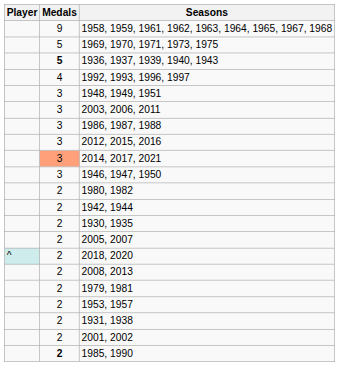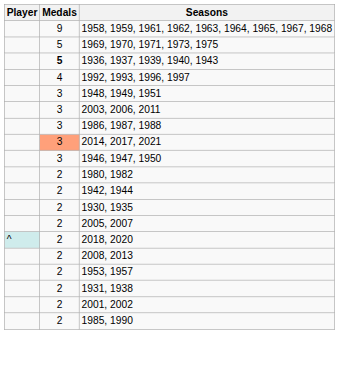 <table class="wikitable sortable">
 <tr>
 <th>Player</th>
 <th>Medals</th>
 <th>Seasons</th>
 </tr>
 <tr>
 <td></td>
 <td align="center">9</td>
 <td>1958, 1959, 1961, 1962, 1963, 1964, 1965, 1967, 1968</td>
 </tr>
 <tr>
 <td></td>
 <td align="center">5</td>
 <td>1969, 1970, 1971, 1973, 1975</td>
 </tr>
 <tr>
 <td></td>
 <td align="center"><strong>5</strong></td>
 <td>1936, 1937, 1939, 1940, 1943</td>
 </tr>
 <tr>
 <td></td>
 <td align="center">4</td>
 <td>1992, 1993, 1996, 1997</td>
 </tr>
 <tr>
 <td></td>
 <td align="center">3</td>
 <td>1948, 1949, 1951</td>
 </tr>
 <tr>
 <td></td>
 <td align="center">3</td>
 <td>2003, 2006, 2011</td>
 </tr>
 <tr>
 <td></td>
 <td align="center">3</td>
 <td>1986, 1987, 1988</td>
-</tr>
-<tr>
-<td></td>
-<td align="center">3</td>
-<td>2012, 2015, 2016</td>
 </tr>
 <tr>
 <td></td>
 <td align="center" style="background: lightsalmon;">3</td>
 <td>2014, 2017, 2021</td>
 </tr>
 <tr>
 <td></td>
 <td align="center">3</td>
 <td>1946, 1947, 1950</td>
 </tr>
 <tr>
 <td></td>
 <td align="center">2</td>
 <td>1980, 1982</td>
 </tr>
 <tr>
 <td></td>
 <td align="center">2</td>
 <td>1942, 1944</td>
 </tr>
 <tr>
 <td></td>
 <td align="center">2</td>
 <td>1930, 1935</td>
 </tr>
 <tr>
 <td></td>
 <td align="center">2</td>
 <td>2005, 2007</td>
 </tr>
 <tr>
 <td bgcolor="#cfecec">^</td>
 <td align="center">2</td>
 <td>2018, 2020</td>
 </tr>
 <tr>
 <td></td>
 <td align="center">2</td>
 <td>2008, 2013</td>
 </tr>
 <tr>
 <td></td>
 <td align="center">2</td>
-<td>1979, 1981</td>
-</tr>
-<tr>
-<td></td>
-<td align="center">2</td>
 <td>1953, 1957</td>
 </tr>
 <tr>
 <td></td>
 <td align="center">2</td>
 <td>1931, 1938</td>
 </tr>
 <tr>
 <td></td>
 <td align="center">2</td>
 <td>2001, 2002</td>
 </tr>
 <tr>
 <td></td>
-<td align="center"><strong>2</strong></td>
+<td align="center">2</td>
 <td>1985, 1990<br>   </td>
 </tr>
 </table>
